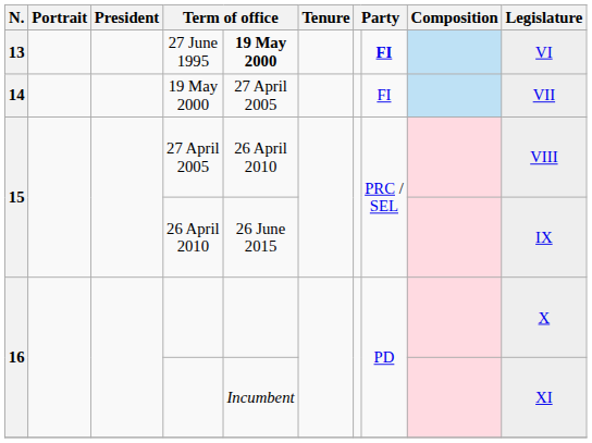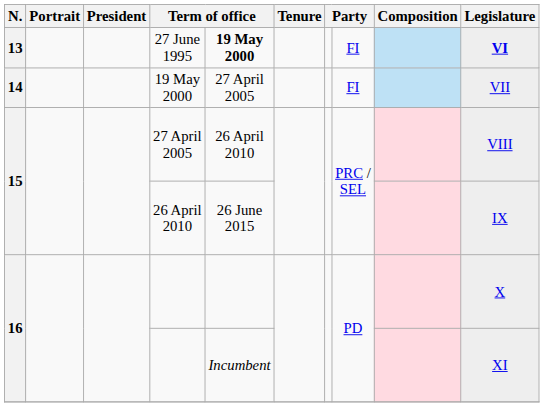 <table class=wikitable style=text-align:center>
 <tr>
 <th>N.</th>
 <th>Portrait</th>
 <th>President</th>
 <th colspan=2>Term of office</th>
 <th>Tenure<br></th>
 <th colspan=2>Party</th>
 <th>Composition</th>
 <th>Legislature</th>
 </tr>
 <tr>
 <th>13</th>
 <td></td>
 <td></td>
 <td>27 June<br>1995</td>
 <td><strong>19 May<br>2000</strong></td>
 <td></td>
 <td></td>
-<td><strong><a href='#'>FI</a></strong></td>
+<td><a href='#'>FI</a></td>
 <td bgcolor=#BEE1F5></td>
-<td bgcolor=#EEEEEE><a href='#'>VI<br></a></td>
+<td bgcolor=#EEEEEE><strong><a href='#'>VI<br></a></strong></td>
 </tr>
 <tr>
 <th>14</th>
 <td></td>
 <td></td>
 <td>19 May<br>2000</td>
 <td>27 April<br>2005</td>
 <td></td>
 <td></td>
 <td><a href='#'>FI</a></td>
 <td bgcolor=#BEE1F5></td>
 <td bgcolor=#EEEEEE><a href='#'>VII<br></a></td>
 </tr>
 <tr style="height:5em;">
 <th rowspan=2>15</th>
 <td rowspan=2></td>
 <td rowspan=2></td>
 <td>27 April<br>2005</td>
 <td>26 April<br>2010</td>
 <td rowspan=2></td>
 <td rowspan=2></td>
 <td rowspan=2><a href='#'>PRC</a> / <br><a href='#'>SEL</a></td>
 <td bgcolor=#FFDAE1></td>
 <td bgcolor=#EEEEEE><a href='#'>VIII<br></a></td>
 </tr>
 <tr style="height:5em;">
 <td>26 April<br>2010</td>
 <td>26 June<br>2015</td>
 <td bgcolor=#FFDAE1></td>
 <td bgcolor=#EEEEEE><a href='#'>IX <br></a></td>
 </tr>
 <tr style="height:5em;">
 <th rowspan=2>16</th>
 <td rowspan=2></td>
 <td rowspan=2></td>
 <td></td>
 <td></td>
 <td rowspan=2></td>
 <td rowspan=2></td>
 <td rowspan=2><a href='#'>PD</a></td>
 <td bgcolor=#FFDAE1></td>
 <td bgcolor=#EEEEEE><a href='#'>X<br></a></td>
 </tr>
 <tr style="height:5em;">
 <td></td>
 <td><em>Incumbent</em></td>
 <td bgcolor=#FFDAE1></td>
 <td bgcolor=#EEEEEE><a href='#'>XI<br></a></td>
 </tr>
 <tr>
 </tr>
 </table>
